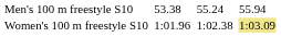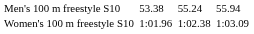 <table>
 <tr>
 <td>Men's 100 m freestyle S10<br></td>
 <td></td>
 <td>53.38</td>
 <td></td>
 <td>55.24</td>
 <td></td>
 <td>55.94</td>
 </tr>
 <tr>
 <td>Women's 100 m freestyle S10<br></td>
 <td></td>
 <td>1:01.96</td>
 <td></td>
 <td>1:02.38</td>
 <td></td>
-<td style="background: khaki;">1:03.09</td>
+<td>1:03.09</td>
 </tr>
 </table>
